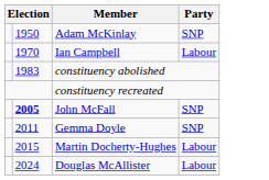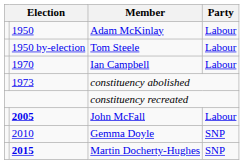 <table class="wikitable">
 <tr>
 <th colspan="2">Election</th>
 <th>Member</th>
 <th>Party</th>
 </tr>
 <tr>
 <td style="color:inherit;background-color: "></td>
 <td><a href='#'>1950</a></td>
 <td><a href='#'>Adam McKinlay</a></td>
-<td><a href='#'>SNP</a></td>
+<td><a href='#'>Labour</a></td>
+</tr>
+<tr>
+<td style="color:inherit;background-color: "></td>
+<td><a href='#'>1950 by-election</a></td>
+<td><a href='#'>Tom Steele</a></td>
+<td><a href='#'>Labour</a></td>
 </tr>
 <tr>
 <td style="color:inherit;background-color: "></td>
 <td><a href='#'>1970</a></td>
 <td><a href='#'>Ian Campbell</a></td>
 <td><a href='#'>Labour</a></td>
 </tr>
 <tr>
 <td></td>
-<td><a href='#'>1983</a></td>
+<td><a href='#'>1973</a></td>
 <td colspan="2"><em>constituency abolished</em></td>
 </tr>
 <tr>
 <td colspan="2" style="text-align:center;"></td>
 <td colspan="2"><em>constituency recreated</em></td>
 </tr>
 <tr>
 <td style="color:inherit;background-color: "></td>
 <td><strong><a href='#'>2005</a></strong></td>
 <td><a href='#'>John McFall</a></td>
-<td><a href='#'>SNP</a></td>
+<td><a href='#'>Labour</a></td>
 </tr>
 <tr>
 <td style="color:inherit;background-color: "></td>
-<td><a href='#'>2011</a></td>
+<td><a href='#'>2010</a></td>
 <td><a href='#'>Gemma Doyle</a></td>
 <td><a href='#'>SNP</a></td>
 </tr>
 <tr>
 <td style="color:inherit;background-color: "></td>
-<td><a href='#'>2015</a></td>
+<td><strong><a href='#'>2015</a></strong></td>
 <td><a href='#'>Martin Docherty-Hughes</a></td>
-<td><a href='#'>Labour</a></td>
-</tr>
-<tr>
-<td style="color:inherit;background-color: "></td>
-<td><a href='#'>2024</a></td>
-<td><a href='#'>Douglas McAllister</a></td>
-<td><a href='#'>Labour</a></td>
+<td><a href='#'>SNP</a></td>
 </tr>
 </table>
